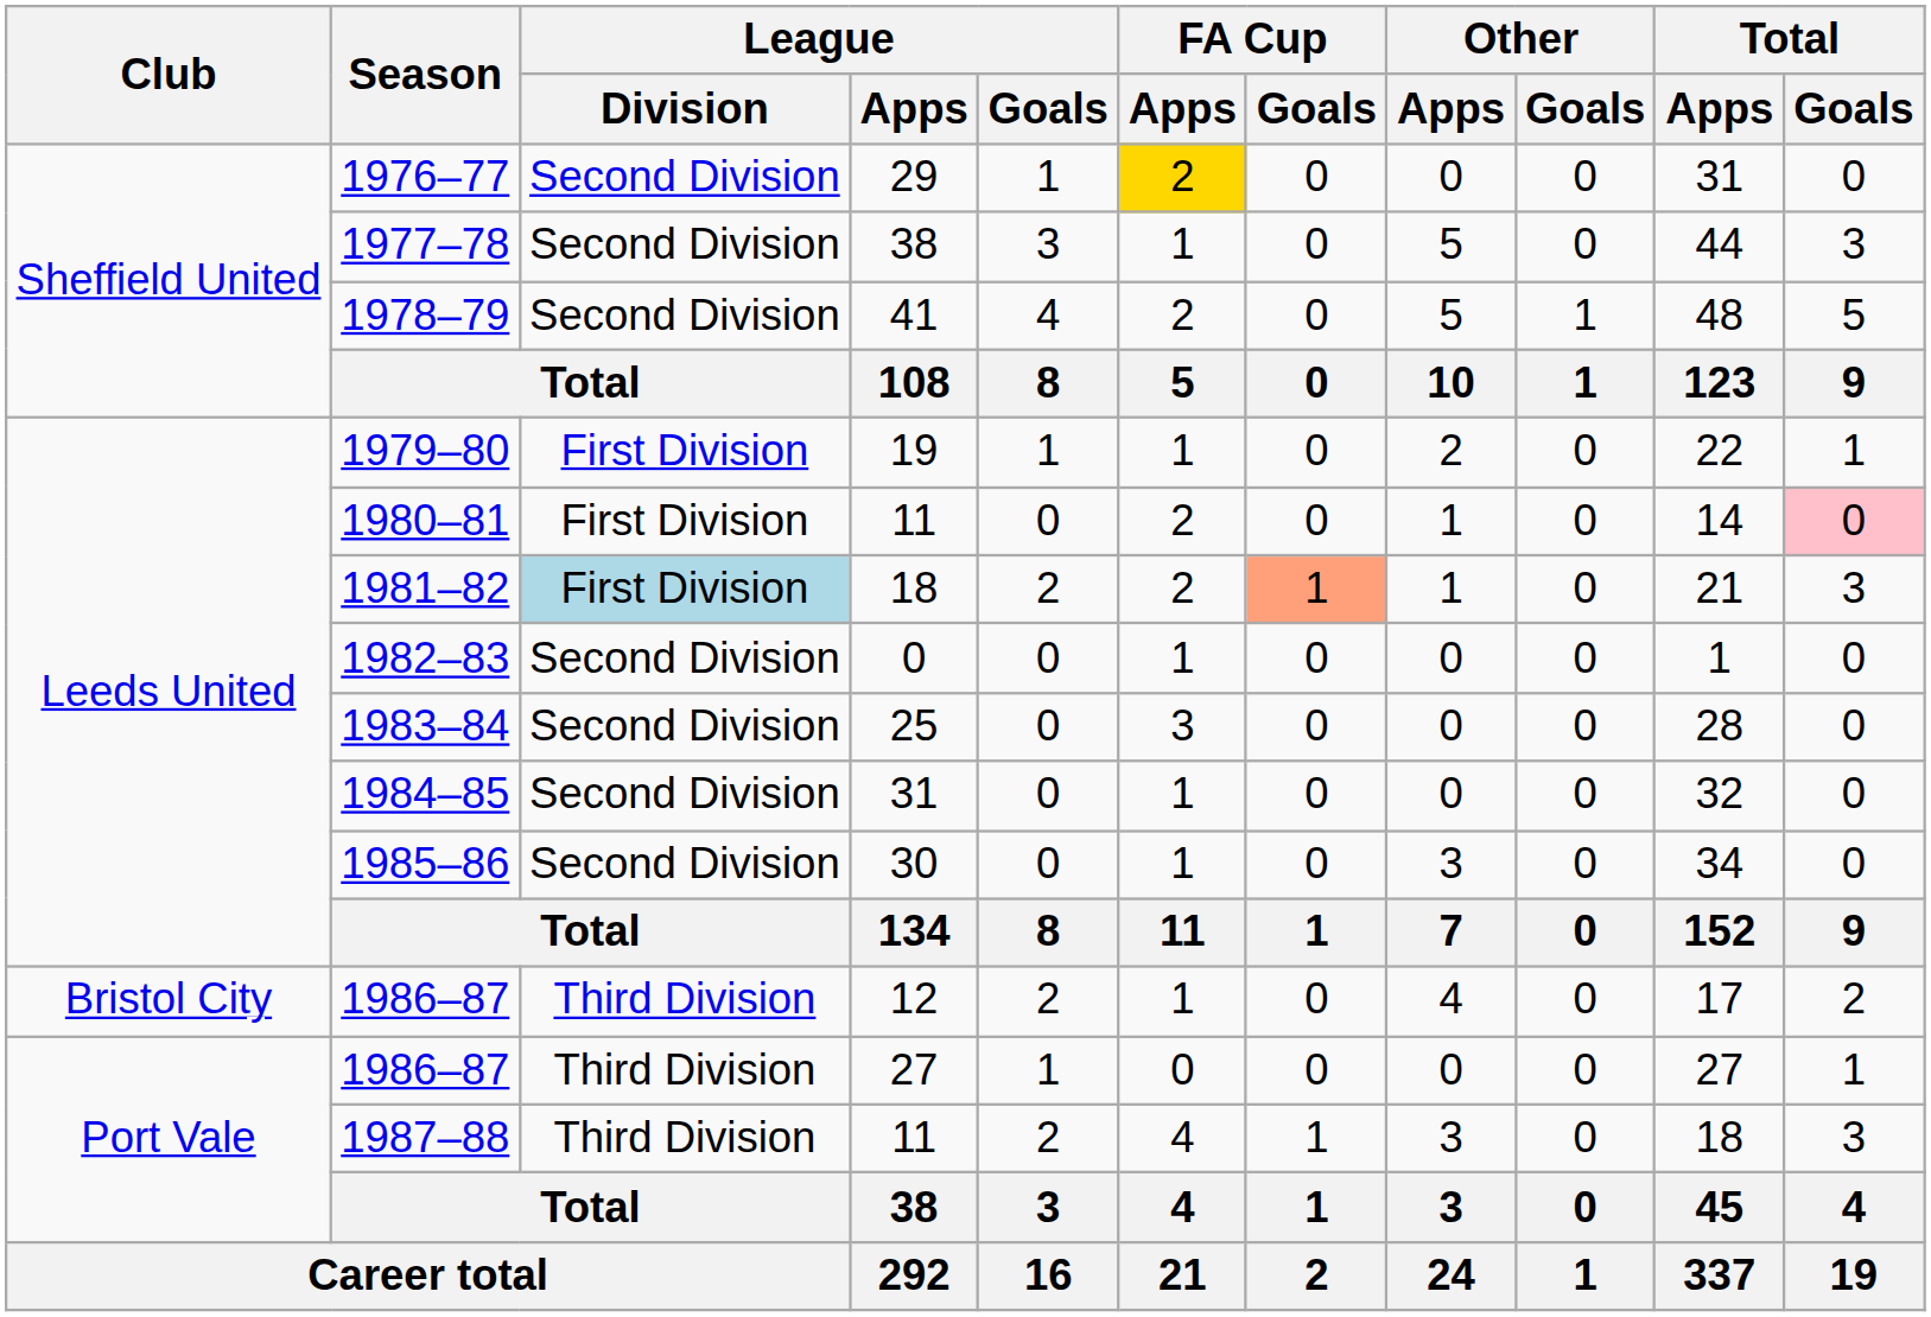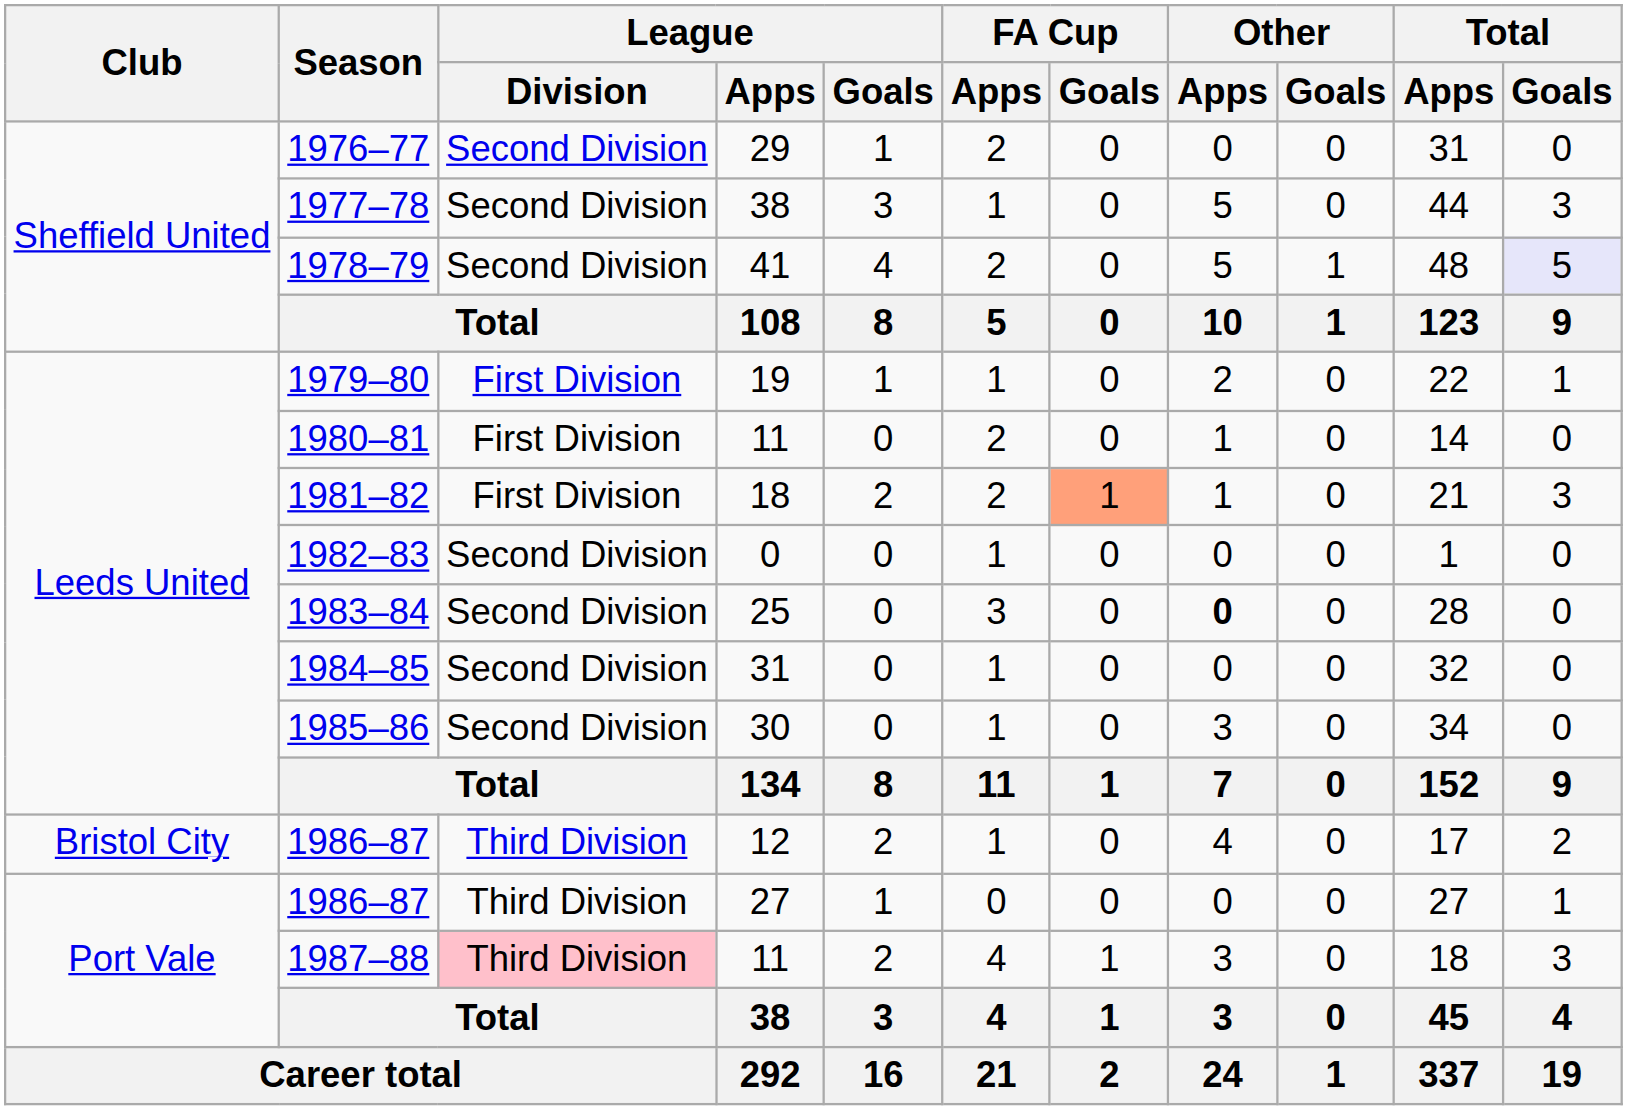 <table class="wikitable" style="text-align: center;">
 <tr>
 <th rowspan="2">Club</th>
 <th rowspan="2">Season</th>
 <th colspan="3">League</th>
 <th colspan="2">FA Cup</th>
 <th colspan="2">Other</th>
 <th colspan="2">Total</th>
 </tr>
 <tr>
 <th>Division</th>
 <th>Apps</th>
 <th>Goals</th>
 <th>Apps</th>
 <th>Goals</th>
 <th>Apps</th>
 <th>Goals</th>
 <th>Apps</th>
 <th>Goals</th>
 </tr>
 <tr>
 <td rowspan="4"><a href='#'>Sheffield United</a></td>
 <td><a href='#'>1976–77</a></td>
 <td><a href='#'>Second Division</a></td>
 <td>29</td>
 <td>1</td>
-<td style="background: gold;">2</td>
+<td>2</td>
 <td>0</td>
 <td>0</td>
 <td>0</td>
 <td>31</td>
 <td>0</td>
 </tr>
 <tr>
 <td><a href='#'>1977–78</a></td>
 <td>Second Division</td>
 <td>38</td>
 <td>3</td>
 <td>1</td>
 <td>0</td>
 <td>5</td>
 <td>0</td>
 <td>44</td>
 <td>3</td>
 </tr>
 <tr>
 <td><a href='#'>1978–79</a></td>
 <td>Second Division</td>
 <td>41</td>
 <td>4</td>
 <td>2</td>
 <td>0</td>
 <td>5</td>
 <td>1</td>
 <td>48</td>
-<td>5</td>
+<td style="background: lavender;">5</td>
 </tr>
 <tr>
 <th colspan="2">Total</th>
 <th>108</th>
 <th>8</th>
 <th>5</th>
 <th>0</th>
 <th>10</th>
 <th>1</th>
 <th>123</th>
 <th>9</th>
 </tr>
 <tr>
 <td rowspan="8"><a href='#'>Leeds United</a></td>
 <td><a href='#'>1979–80</a></td>
 <td><a href='#'>First Division</a></td>
 <td>19</td>
 <td>1</td>
 <td>1</td>
 <td>0</td>
 <td>2</td>
 <td>0</td>
 <td>22</td>
 <td>1</td>
 </tr>
 <tr>
 <td><a href='#'>1980–81</a></td>
 <td>First Division</td>
 <td>11</td>
 <td>0</td>
 <td>2</td>
 <td>0</td>
 <td>1</td>
 <td>0</td>
 <td>14</td>
-<td style="background: pink;">0</td>
+<td>0</td>
 </tr>
 <tr>
 <td><a href='#'>1981–82</a></td>
-<td style="background: lightblue;">First Division</td>
+<td>First Division</td>
 <td>18</td>
 <td>2</td>
 <td>2</td>
 <td style="background: lightsalmon;">1</td>
 <td>1</td>
 <td>0</td>
 <td>21</td>
 <td>3</td>
 </tr>
 <tr>
 <td><a href='#'>1982–83</a></td>
 <td>Second Division</td>
 <td>0</td>
 <td>0</td>
 <td>1</td>
 <td>0</td>
 <td>0</td>
 <td>0</td>
 <td>1</td>
 <td>0</td>
 </tr>
 <tr>
 <td><a href='#'>1983–84</a></td>
 <td>Second Division</td>
 <td>25</td>
 <td>0</td>
 <td>3</td>
 <td>0</td>
-<td>0</td>
+<td><strong>0</strong></td>
 <td>0</td>
 <td>28</td>
 <td>0</td>
 </tr>
 <tr>
 <td><a href='#'>1984–85</a></td>
 <td>Second Division</td>
 <td>31</td>
 <td>0</td>
 <td>1</td>
 <td>0</td>
 <td>0</td>
 <td>0</td>
 <td>32</td>
 <td>0</td>
 </tr>
 <tr>
 <td><a href='#'>1985–86</a></td>
 <td>Second Division</td>
 <td>30</td>
 <td>0</td>
 <td>1</td>
 <td>0</td>
 <td>3</td>
 <td>0</td>
 <td>34</td>
 <td>0</td>
 </tr>
 <tr>
 <th colspan="2">Total</th>
 <th>134</th>
 <th>8</th>
 <th>11</th>
 <th>1</th>
 <th>7</th>
 <th>0</th>
 <th>152</th>
 <th>9</th>
 </tr>
 <tr>
 <td><a href='#'>Bristol City</a></td>
 <td><a href='#'>1986–87</a></td>
 <td><a href='#'>Third Division</a></td>
 <td>12</td>
 <td>2</td>
 <td>1</td>
 <td>0</td>
 <td>4</td>
 <td>0</td>
 <td>17</td>
 <td>2</td>
 </tr>
 <tr>
 <td rowspan="3"><a href='#'>Port Vale</a></td>
 <td><a href='#'>1986–87</a></td>
 <td>Third Division</td>
 <td>27</td>
 <td>1</td>
 <td>0</td>
 <td>0</td>
 <td>0</td>
 <td>0</td>
 <td>27</td>
 <td>1</td>
 </tr>
 <tr>
 <td><a href='#'>1987–88</a></td>
-<td>Third Division</td>
+<td style="background: pink;">Third Division</td>
 <td>11</td>
 <td>2</td>
 <td>4</td>
 <td>1</td>
 <td>3</td>
 <td>0</td>
 <td>18</td>
 <td>3</td>
 </tr>
 <tr>
 <th colspan="2">Total</th>
 <th>38</th>
 <th>3</th>
 <th>4</th>
 <th>1</th>
 <th>3</th>
 <th>0</th>
 <th>45</th>
 <th>4</th>
 </tr>
 <tr>
 <th colspan="3">Career total</th>
 <th>292</th>
 <th>16</th>
 <th>21</th>
 <th>2</th>
 <th>24</th>
 <th>1</th>
 <th>337</th>
 <th>19</th>
 </tr>
 </table>
